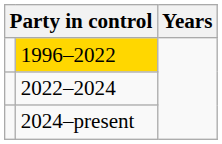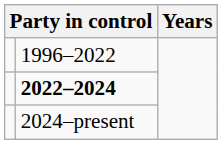 <table class="wikitable">
 <tr>
 <th colspan="2">Party in control</th>
 <th>Years</th>
 </tr>
 <tr>
 <td></td>
-<td style="background: gold;">1996–2022</td>
+<td>1996–2022</td>
 </tr>
 <tr>
 <td></td>
-<td>2022–2024</td>
+<td><strong>2022–2024</strong></td>
 </tr>
 <tr>
 <td></td>
 <td>2024–present</td>
 </tr>
 </table>
